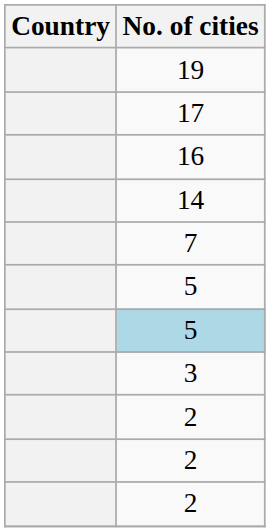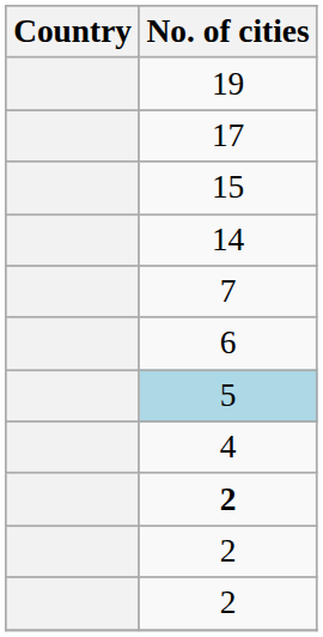 <table class="sortable plainrowheaders wikitable">
 <tr>
 <th scope=col>Country</th>
 <th scope=col>No. of cities</th>
 </tr>
 <tr>
 <th scope=row></th>
 <td align=center>19</td>
 </tr>
 <tr>
 <th scope=row></th>
 <td align=center>17</td>
 </tr>
 <tr>
 <th scope=row></th>
-<td align=center>16</td>
+<td align=center>15</td>
 </tr>
 <tr>
 <th scope=row></th>
 <td align=center>14</td>
 </tr>
 <tr>
 <th scope=row></th>
 <td align=center>7</td>
 </tr>
 <tr>
 <th scope=row></th>
-<td align=center>5</td>
+<td align=center>6</td>
 </tr>
 <tr>
 <th scope=row></th>
 <td align=center style="background: lightblue;">5</td>
 </tr>
 <tr>
 <th scope=row></th>
-<td align=center>3</td>
+<td align=center>4</td>
 </tr>
 <tr>
 <th scope=row></th>
-<td align=center>2</td>
+<td align=center><strong>2</strong></td>
 </tr>
 <tr>
 <th scope=row></th>
 <td align=center>2</td>
 </tr>
 <tr>
 <th scope=row></th>
 <td align=center>2</td>
 </tr>
 <tr>
 </tr>
 </table>
